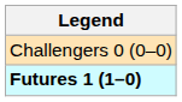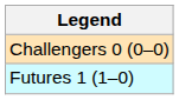 <table class=wikitable style=font-size:97%>
 <tr>
 <th>Legend</th>
 </tr>
 <tr style="background:moccasin;">
 <td>Challengers 0 (0–0)</td>
 </tr>
 <tr style="background:#cffcff;">
-<td><strong>Futures 1 (1–0)</strong></td>
+<td>Futures 1 (1–0)</td>
 </tr>
 </table>
